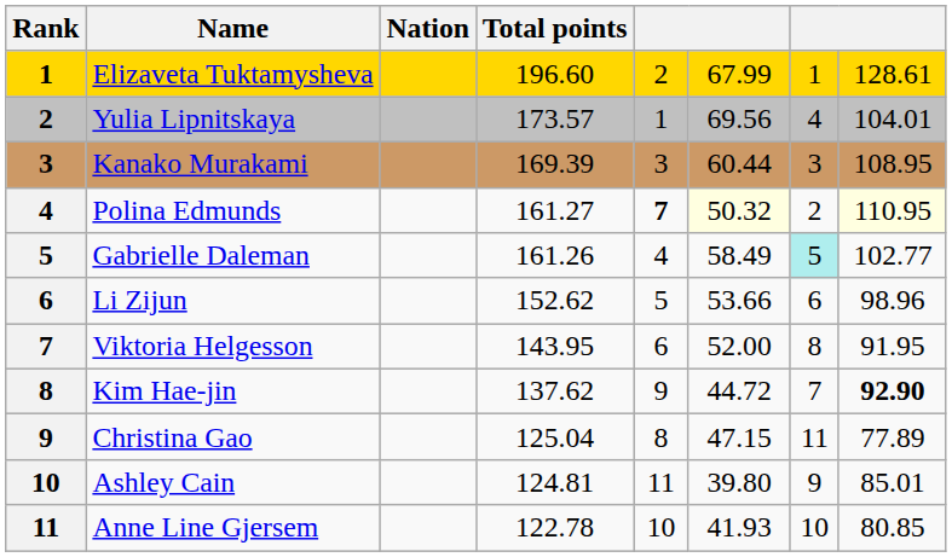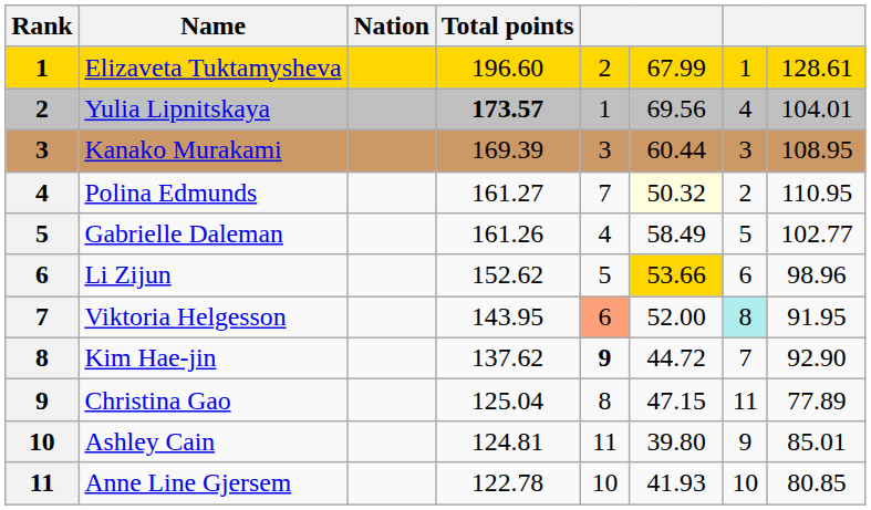 <table class="wikitable sortable">
 <tr>
 <th>Rank</th>
 <th>Name</th>
 <th>Nation</th>
 <th>Total points</th>
 <th colspan="2" width="80px"></th>
 <th colspan="2" width="80px"></th>
 </tr>
 <tr bgcolor="gold">
 <td align="center"><strong>1</strong></td>
 <td><a href='#'>Elizaveta Tuktamysheva</a></td>
 <td></td>
 <td align="center">196.60</td>
 <td align="center">2</td>
 <td align="center">67.99</td>
 <td align="center">1</td>
 <td align="center">128.61</td>
 </tr>
 <tr bgcolor="silver">
 <td align="center"><strong>2</strong></td>
 <td><a href='#'>Yulia Lipnitskaya</a></td>
 <td></td>
-<td align="center">173.57</td>
+<td align="center"><strong>173.57</strong></td>
 <td align="center">1</td>
 <td align="center">69.56</td>
 <td align="center">4</td>
 <td align="center">104.01</td>
 </tr>
 <tr bgcolor="cc9966">
 <td align="center"><strong>3</strong></td>
 <td><a href='#'>Kanako Murakami</a></td>
 <td></td>
 <td align="center">169.39</td>
 <td align="center">3</td>
 <td align="center">60.44</td>
 <td align="center">3</td>
 <td align="center">108.95</td>
 </tr>
 <tr>
 <th>4</th>
 <td><a href='#'>Polina Edmunds</a></td>
 <td></td>
 <td align="center">161.27</td>
-<td align="center"><strong>7</strong></td>
+<td align="center">7</td>
 <td align="center" style="background: lightyellow;">50.32</td>
 <td align="center">2</td>
-<td align="center" style="background: lightyellow;">110.95</td>
+<td align="center">110.95</td>
 </tr>
 <tr>
 <th>5</th>
 <td><a href='#'>Gabrielle Daleman</a></td>
 <td></td>
 <td align="center">161.26</td>
 <td align="center">4</td>
 <td align="center">58.49</td>
-<td align="center" style="background: paleturquoise;">5</td>
+<td align="center">5</td>
 <td align="center">102.77</td>
 </tr>
 <tr>
 <th>6</th>
 <td><a href='#'>Li Zijun</a></td>
 <td></td>
 <td align="center">152.62</td>
 <td align="center">5</td>
-<td align="center">53.66</td>
+<td align="center" style="background: gold;">53.66</td>
 <td align="center">6</td>
 <td align="center">98.96</td>
 </tr>
 <tr>
 <th>7</th>
 <td><a href='#'>Viktoria Helgesson</a></td>
 <td></td>
 <td align="center">143.95</td>
-<td align="center">6</td>
+<td align="center" style="background: lightsalmon;">6</td>
 <td align="center">52.00</td>
-<td align="center">8</td>
+<td align="center" style="background: paleturquoise;">8</td>
 <td align="center">91.95</td>
 </tr>
 <tr>
 <th>8</th>
 <td><a href='#'>Kim Hae-jin</a></td>
 <td></td>
 <td align="center">137.62</td>
-<td align="center">9</td>
+<td align="center"><strong>9</strong></td>
 <td align="center">44.72</td>
 <td align="center">7</td>
-<td align="center"><strong>92.90</strong></td>
+<td align="center">92.90</td>
 </tr>
 <tr>
 <th>9</th>
 <td><a href='#'>Christina Gao</a></td>
 <td></td>
 <td align="center">125.04</td>
 <td align="center">8</td>
 <td align="center">47.15</td>
 <td align="center">11</td>
 <td align="center">77.89</td>
 </tr>
 <tr>
 <th>10</th>
 <td><a href='#'>Ashley Cain</a></td>
 <td></td>
 <td align="center">124.81</td>
 <td align="center">11</td>
 <td align="center">39.80</td>
 <td align="center">9</td>
 <td align="center">85.01</td>
 </tr>
 <tr>
 <th>11</th>
 <td><a href='#'>Anne Line Gjersem</a></td>
 <td></td>
 <td align="center">122.78</td>
 <td align="center">10</td>
 <td align="center">41.93</td>
 <td align="center">10</td>
 <td align="center">80.85</td>
 </tr>
 </table>
